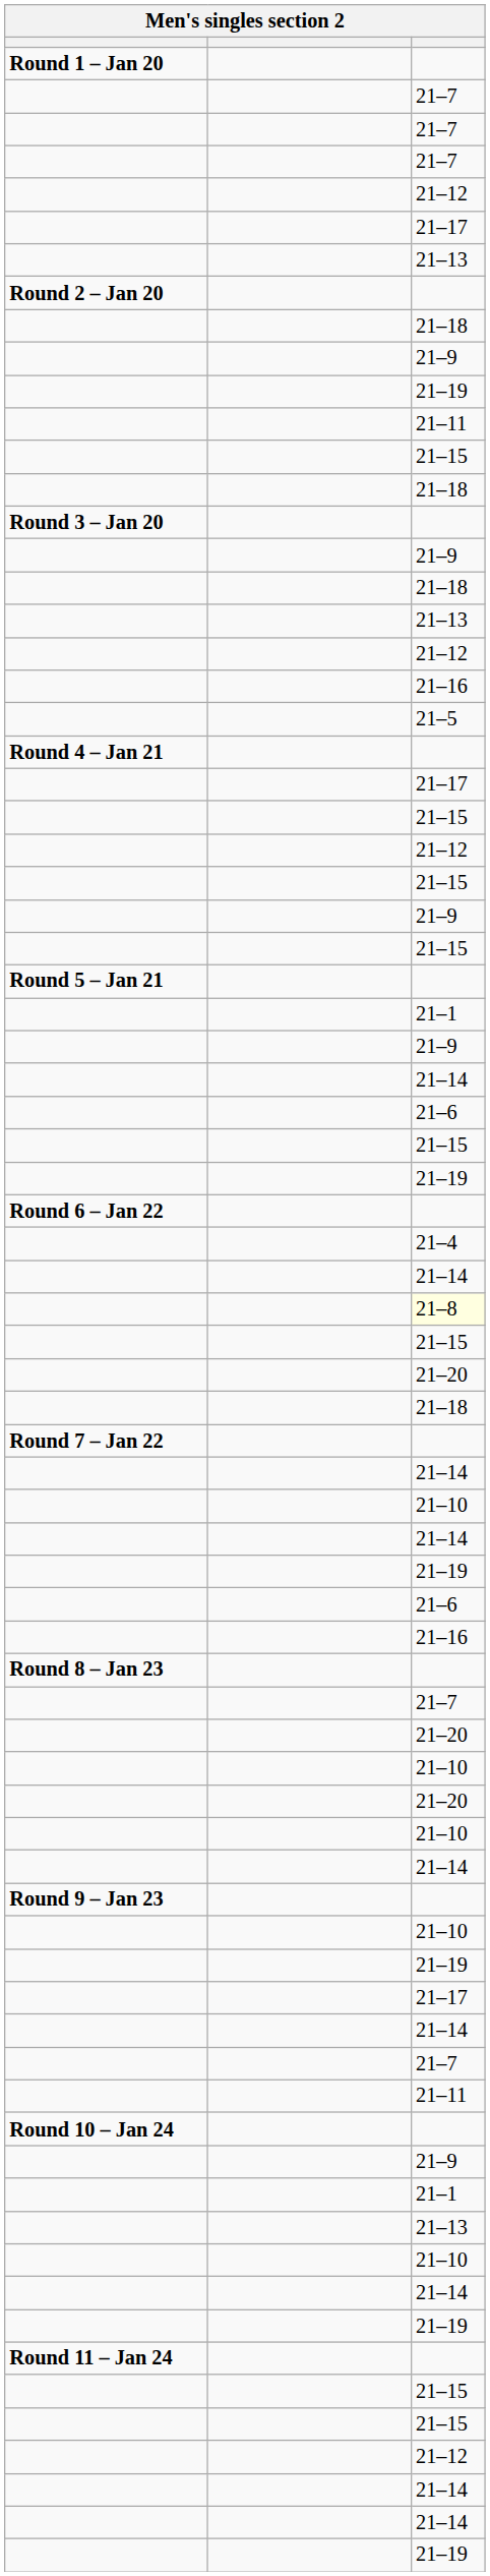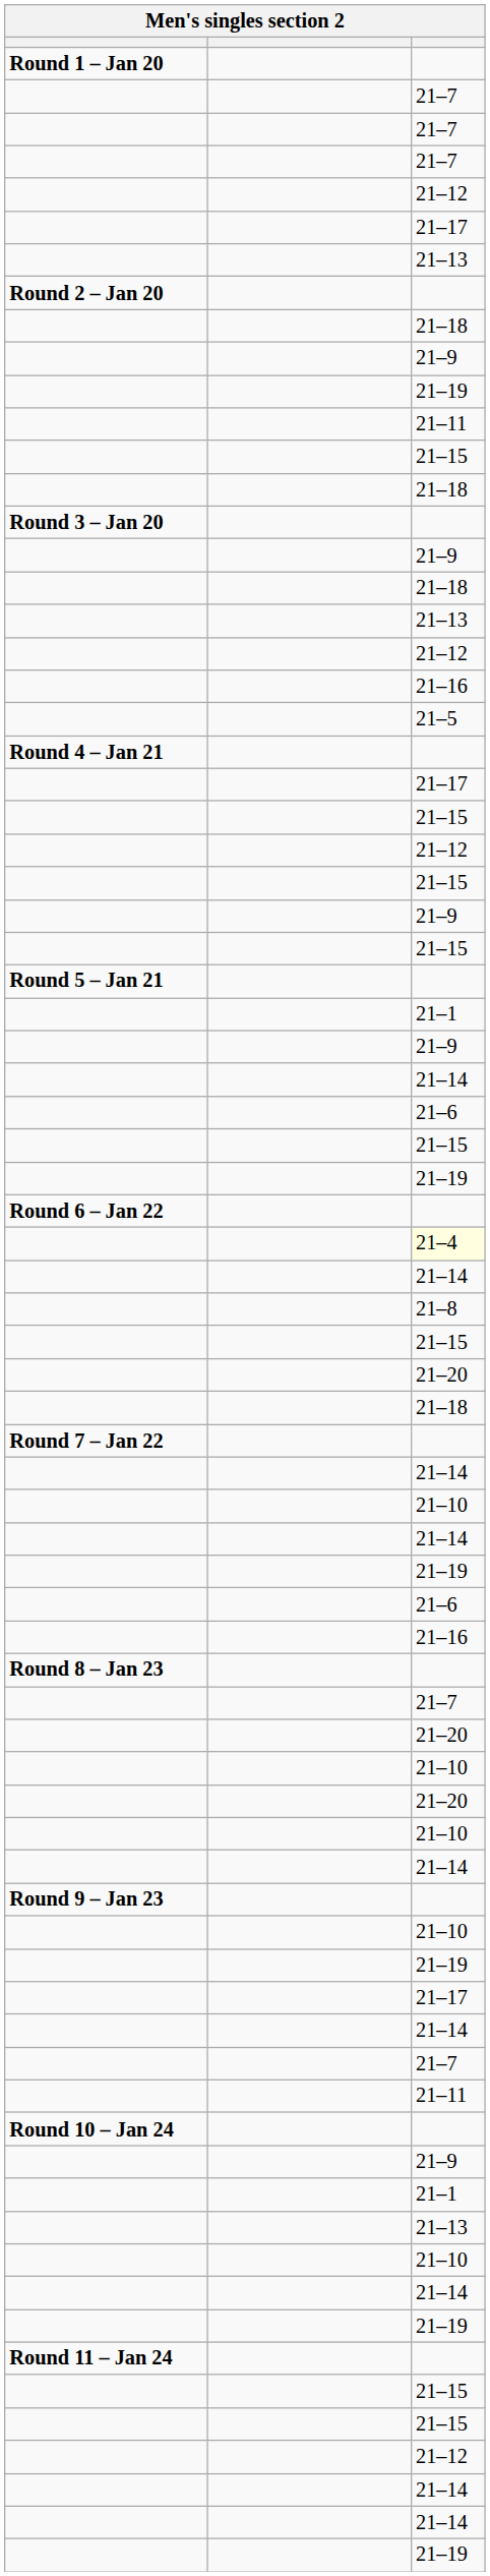 <table class="wikitable">
 <tr>
 <th colspan="3">Men's singles section 2</th>
 </tr>
 <tr>
 <th width=150></th>
 <th width=150></th>
 <th width=50></th>
 </tr>
 <tr>
 <td><strong>Round 1 – Jan 20</strong></td>
 <td></td>
 <td></td>
 </tr>
 <tr>
 <td></td>
 <td></td>
 <td>21–7</td>
 </tr>
 <tr>
 <td></td>
 <td></td>
 <td>21–7</td>
 </tr>
 <tr>
 <td></td>
 <td></td>
 <td>21–7</td>
 </tr>
 <tr>
 <td></td>
 <td></td>
 <td>21–12</td>
 </tr>
 <tr>
 <td></td>
 <td></td>
 <td>21–17</td>
 </tr>
 <tr>
 <td></td>
 <td></td>
 <td>21–13</td>
 </tr>
 <tr>
 <td><strong>Round 2 – Jan 20</strong></td>
 <td></td>
 <td></td>
 </tr>
 <tr>
 <td></td>
 <td></td>
 <td>21–18</td>
 </tr>
 <tr>
 <td></td>
 <td></td>
 <td>21–9</td>
 </tr>
 <tr>
 <td></td>
 <td></td>
 <td>21–19</td>
 </tr>
 <tr>
 <td></td>
 <td></td>
 <td>21–11</td>
 </tr>
 <tr>
 <td></td>
 <td></td>
 <td>21–15</td>
 </tr>
 <tr>
 <td></td>
 <td></td>
 <td>21–18</td>
 </tr>
 <tr>
 <td><strong>Round 3 – Jan 20</strong></td>
 <td></td>
 <td></td>
 </tr>
 <tr>
 <td></td>
 <td></td>
 <td>21–9</td>
 </tr>
 <tr>
 <td></td>
 <td></td>
 <td>21–18</td>
 </tr>
 <tr>
 <td></td>
 <td></td>
 <td>21–13</td>
 </tr>
 <tr>
 <td></td>
 <td></td>
 <td>21–12</td>
 </tr>
 <tr>
 <td></td>
 <td></td>
 <td>21–16</td>
 </tr>
 <tr>
 <td></td>
 <td></td>
 <td>21–5</td>
 </tr>
 <tr>
 <td><strong>Round 4 – Jan 21</strong></td>
 <td></td>
 <td></td>
 </tr>
 <tr>
 <td></td>
 <td></td>
 <td>21–17</td>
 </tr>
 <tr>
 <td></td>
 <td></td>
 <td>21–15</td>
 </tr>
 <tr>
 <td></td>
 <td></td>
 <td>21–12</td>
 </tr>
 <tr>
 <td></td>
 <td></td>
 <td>21–15</td>
 </tr>
 <tr>
 <td></td>
 <td></td>
 <td>21–9</td>
 </tr>
 <tr>
 <td></td>
 <td></td>
 <td>21–15</td>
 </tr>
 <tr>
 <td><strong>Round 5 – Jan 21</strong></td>
 <td></td>
 <td></td>
 </tr>
 <tr>
 <td></td>
 <td></td>
 <td>21–1</td>
 </tr>
 <tr>
 <td></td>
 <td></td>
 <td>21–9</td>
 </tr>
 <tr>
 <td></td>
 <td></td>
 <td>21–14</td>
 </tr>
 <tr>
 <td></td>
 <td></td>
 <td>21–6</td>
 </tr>
 <tr>
 <td></td>
 <td></td>
 <td>21–15</td>
 </tr>
 <tr>
 <td></td>
 <td></td>
 <td>21–19</td>
 </tr>
 <tr>
 <td><strong>Round 6  – Jan 22</strong></td>
 <td></td>
 <td></td>
 </tr>
 <tr>
 <td></td>
 <td></td>
-<td>21–4</td>
+<td style="background: lightyellow;">21–4</td>
 </tr>
 <tr>
 <td></td>
 <td></td>
 <td>21–14</td>
 </tr>
 <tr>
 <td></td>
 <td></td>
-<td style="background: lightyellow;">21–8</td>
+<td>21–8</td>
 </tr>
 <tr>
 <td></td>
 <td></td>
 <td>21–15</td>
 </tr>
 <tr>
 <td></td>
 <td></td>
 <td>21–20</td>
 </tr>
 <tr>
 <td></td>
 <td></td>
 <td>21–18</td>
 </tr>
 <tr>
 <td><strong>Round 7 – Jan 22</strong></td>
 <td></td>
 <td></td>
 </tr>
 <tr>
 <td></td>
 <td></td>
 <td>21–14</td>
 </tr>
 <tr>
 <td></td>
 <td></td>
 <td>21–10</td>
 </tr>
 <tr>
 <td></td>
 <td></td>
 <td>21–14</td>
 </tr>
 <tr>
 <td></td>
 <td></td>
 <td>21–19</td>
 </tr>
 <tr>
 <td></td>
 <td></td>
 <td>21–6</td>
 </tr>
 <tr>
 <td></td>
 <td></td>
 <td>21–16</td>
 </tr>
 <tr>
 <td><strong>Round 8 – Jan 23</strong></td>
 <td></td>
 <td></td>
 </tr>
 <tr>
 <td></td>
 <td></td>
 <td>21–7</td>
 </tr>
 <tr>
 <td></td>
 <td></td>
 <td>21–20</td>
 </tr>
 <tr>
 <td></td>
 <td></td>
 <td>21–10</td>
 </tr>
 <tr>
 <td></td>
 <td></td>
 <td>21–20</td>
 </tr>
 <tr>
 <td></td>
 <td></td>
 <td>21–10</td>
 </tr>
 <tr>
 <td></td>
 <td></td>
 <td>21–14</td>
 </tr>
 <tr>
 <td><strong>Round 9 – Jan 23</strong></td>
 <td></td>
 <td></td>
 </tr>
 <tr>
 <td></td>
 <td></td>
 <td>21–10</td>
 </tr>
 <tr>
 <td></td>
 <td></td>
 <td>21–19</td>
 </tr>
 <tr>
 <td></td>
 <td></td>
 <td>21–17</td>
 </tr>
 <tr>
 <td></td>
 <td></td>
 <td>21–14</td>
 </tr>
 <tr>
 <td></td>
 <td></td>
 <td>21–7</td>
 </tr>
 <tr>
 <td></td>
 <td></td>
 <td>21–11</td>
 </tr>
 <tr>
 <td><strong>Round 10 – Jan 24</strong></td>
 <td></td>
 <td></td>
 </tr>
 <tr>
 <td></td>
 <td></td>
 <td>21–9</td>
 </tr>
 <tr>
 <td></td>
 <td></td>
 <td>21–1</td>
 </tr>
 <tr>
 <td></td>
 <td></td>
 <td>21–13</td>
 </tr>
 <tr>
 <td></td>
 <td></td>
 <td>21–10</td>
 </tr>
 <tr>
 <td></td>
 <td></td>
 <td>21–14</td>
 </tr>
 <tr>
 <td></td>
 <td></td>
 <td>21–19</td>
 </tr>
 <tr>
 <td><strong>Round 11 – Jan 24</strong></td>
 <td></td>
 <td></td>
 </tr>
 <tr>
 <td></td>
 <td></td>
 <td>21–15</td>
 </tr>
 <tr>
 <td></td>
 <td></td>
 <td>21–15</td>
 </tr>
 <tr>
 <td></td>
 <td></td>
 <td>21–12</td>
 </tr>
 <tr>
 <td></td>
 <td></td>
 <td>21–14</td>
 </tr>
 <tr>
 <td></td>
 <td></td>
 <td>21–14</td>
 </tr>
 <tr>
 <td></td>
 <td></td>
 <td>21–19</td>
 </tr>
 </table>
